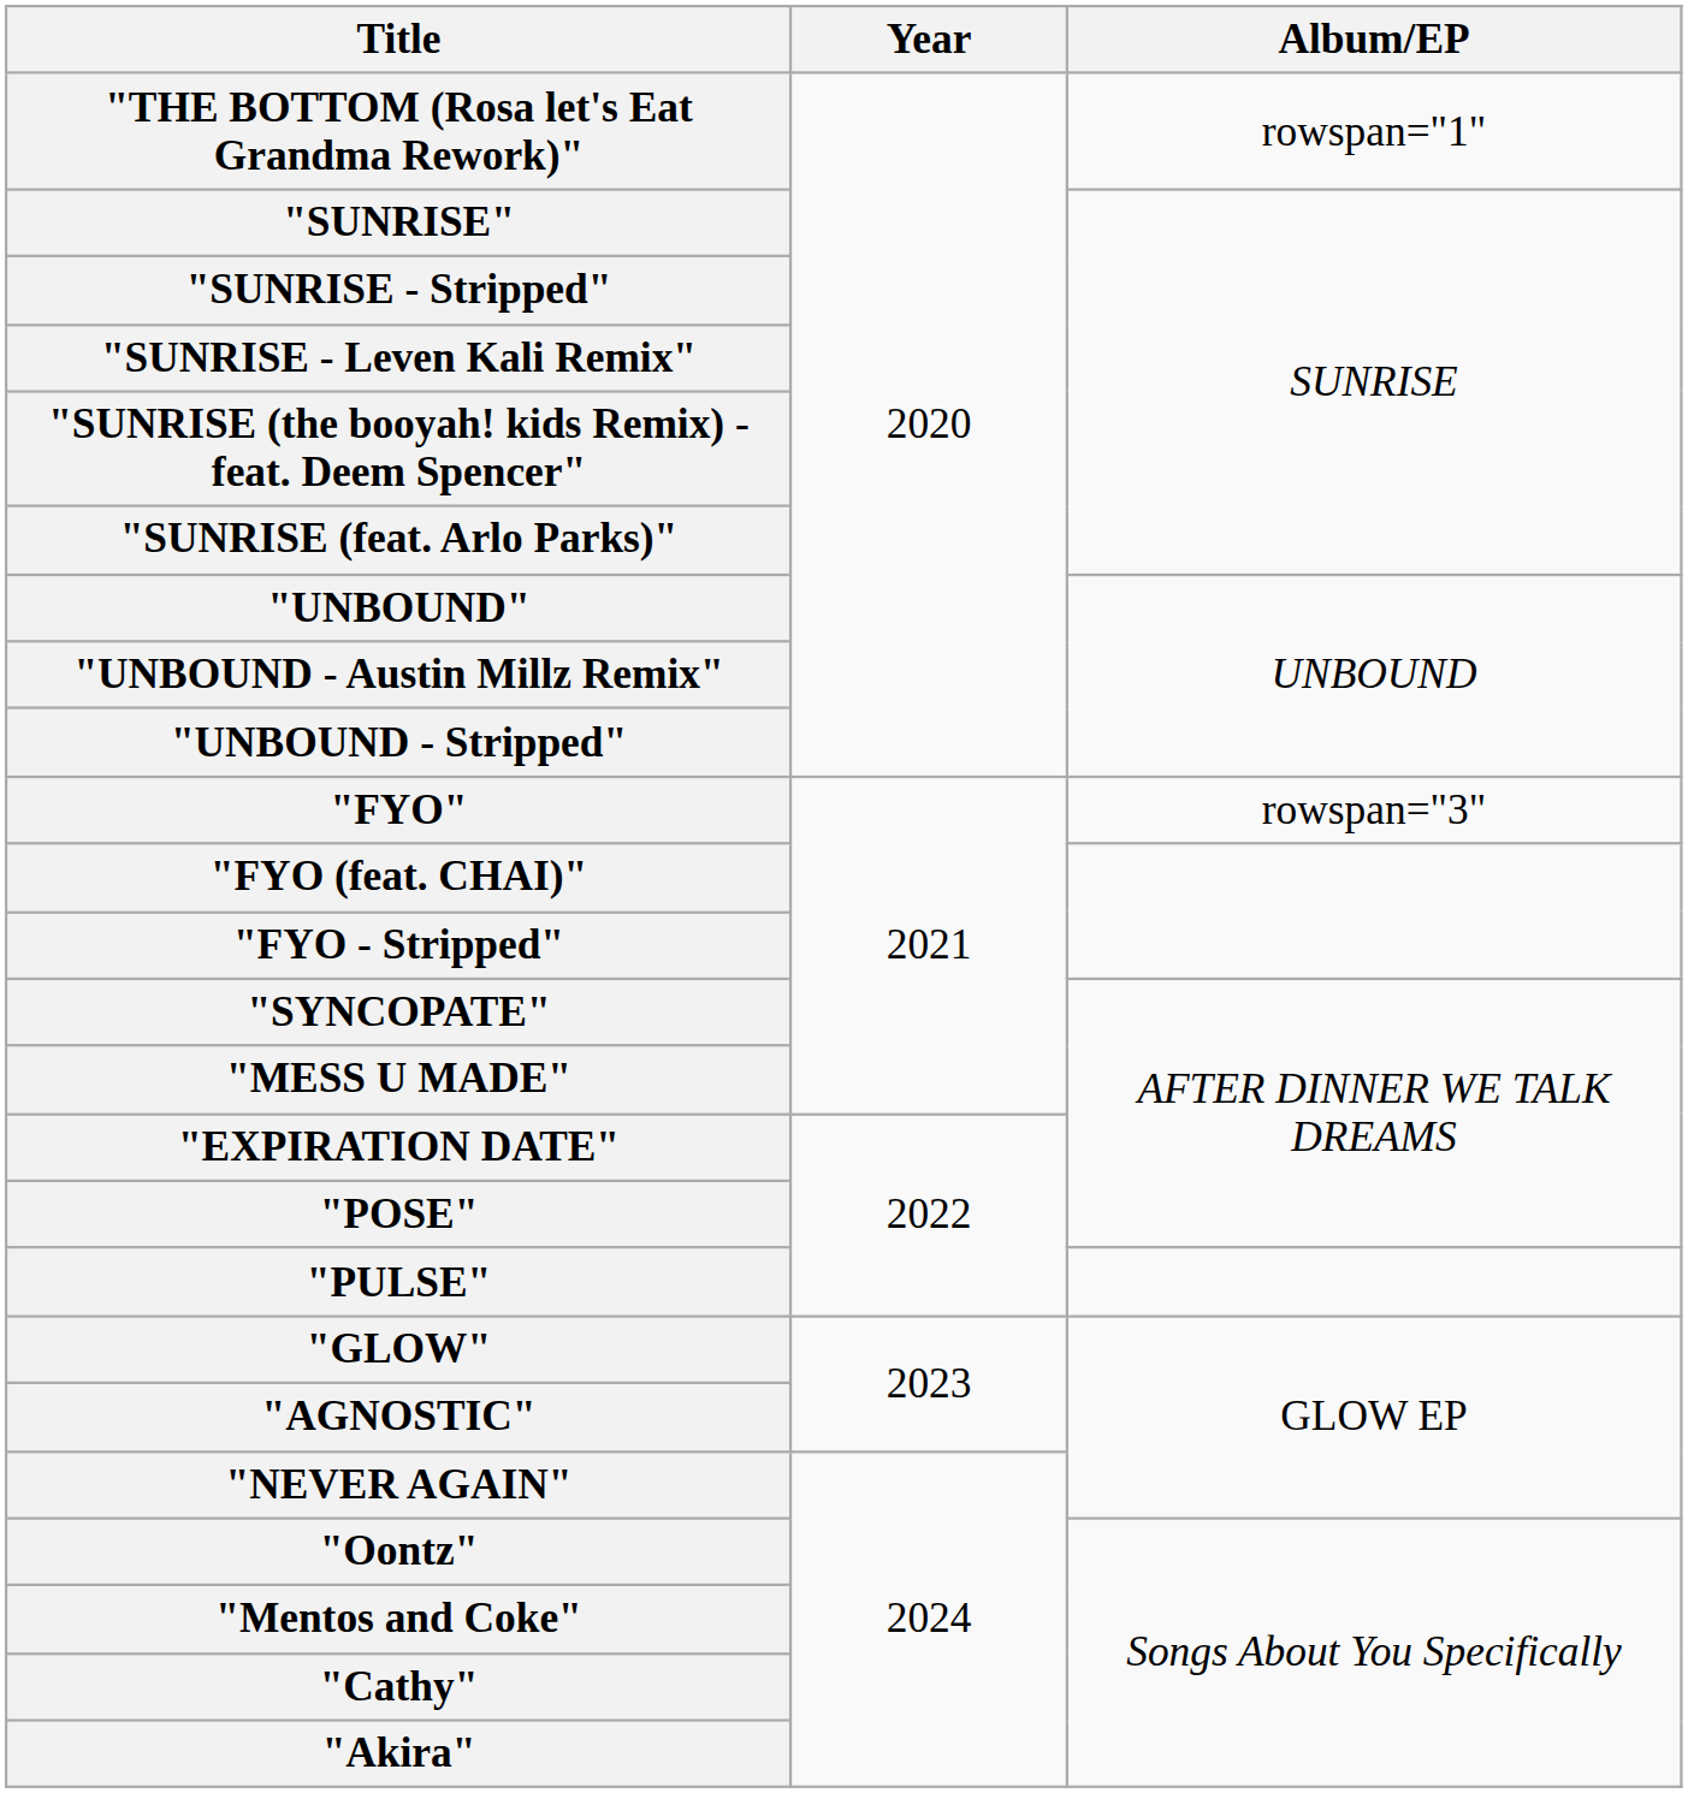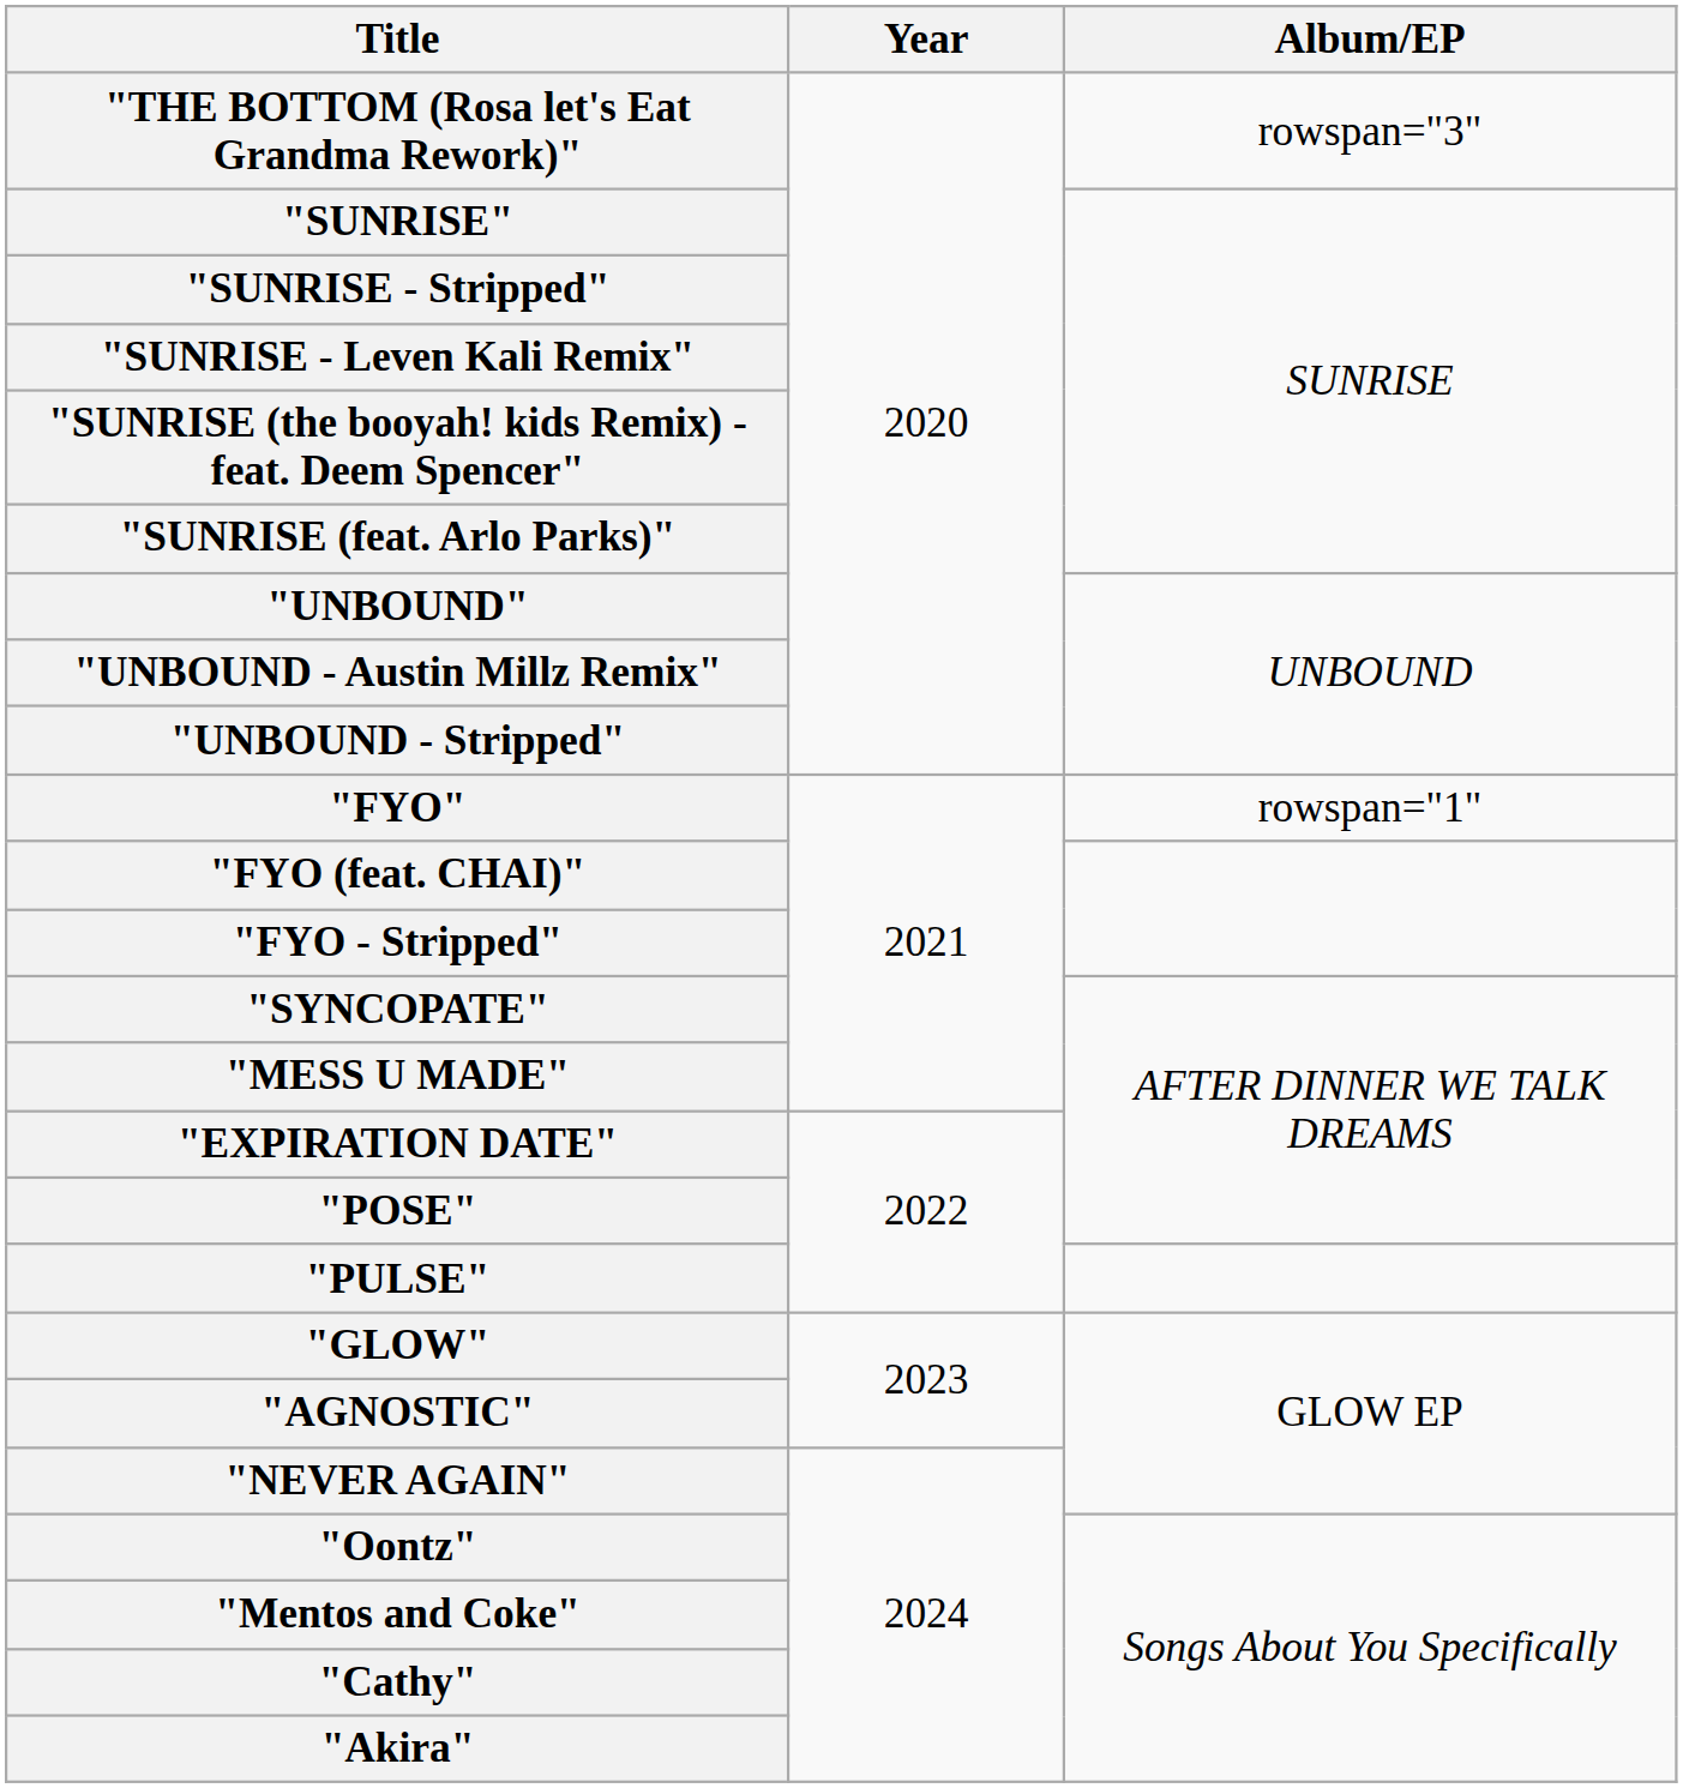 <table class="wikitable plainrowheaders" style="text-align:center">
 <tr>
 <th scope="col" style="width:18em;">Title</th>
 <th scope="col" style="width:6em;">Year</th>
 <th scope="col" style="width:14em;">Album/EP</th>
 </tr>
 <tr>
 <th scope="row">"THE BOTTOM (Rosa let's Eat Grandma Rework)" </th>
 <td rowspan="9">2020</td>
-<td>rowspan="1" </td>
+<td>rowspan="3" </td>
 </tr>
 <tr>
 <th scope="row">"SUNRISE"</th>
 <td rowspan="5"><em>SUNRISE</em></td>
 </tr>
 <tr>
 <th scope="row">"SUNRISE - Stripped"</th>
 </tr>
 <tr>
 <th scope="row">"SUNRISE - Leven Kali Remix" </th>
 </tr>
 <tr>
 <th scope="row">"SUNRISE (the booyah! kids Remix) - feat. Deem Spencer" </th>
 </tr>
 <tr>
 <th scope="row">"SUNRISE (feat. Arlo Parks)" </th>
 </tr>
 <tr>
 <th scope="row">"UNBOUND"</th>
 <td rowspan="3"><em>UNBOUND</em></td>
 </tr>
 <tr>
 <th scope="row">"UNBOUND - Austin Millz Remix" </th>
 </tr>
 <tr>
 <th scope="row">"UNBOUND - Stripped"</th>
 </tr>
 <tr>
 <th scope="row">"FYO"</th>
 <td rowspan="5">2021</td>
-<td>rowspan="3" </td>
+<td>rowspan="1" </td>
 </tr>
 <tr>
 <th scope="row">"FYO (feat. CHAI)" </th>
 </tr>
 <tr>
 <th scope="row">"FYO - Stripped"</th>
 </tr>
 <tr>
 <th scope="row">"SYNCOPATE"</th>
 <td rowspan="4"><em>AFTER DINNER WE TALK DREAMS</em></td>
 </tr>
 <tr>
 <th scope="row">"MESS U MADE"</th>
 </tr>
 <tr>
 <th scope="row">"EXPIRATION DATE"</th>
 <td rowspan="3">2022</td>
 </tr>
 <tr>
 <th scope="row">"POSE"</th>
 </tr>
 <tr>
 <th scope="row">"PULSE"</th>
 <td></td>
 </tr>
 <tr>
 <th scope="row">"GLOW"</th>
 <td rowspan="2">2023</td>
 <td rowspan="3">GLOW EP</td>
 </tr>
 <tr>
 <th scope="row">"AGNOSTIC"</th>
 </tr>
 <tr>
 <th scope="row">"NEVER AGAIN"</th>
 <td rowspan="5">2024</td>
 </tr>
 <tr>
 <th scope="row">"Oontz"</th>
 <td rowspan="4"><em>Songs About You Specifically</em></td>
 </tr>
 <tr>
 <th scope="row">"Mentos and Coke"</th>
 </tr>
 <tr>
 <th scope="row">"Cathy"</th>
 </tr>
 <tr>
 <th scope="row">"Akira"</th>
 </tr>
 </table>
